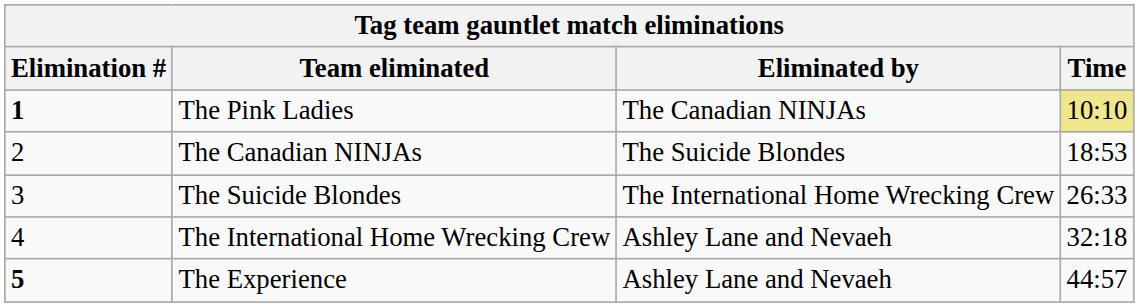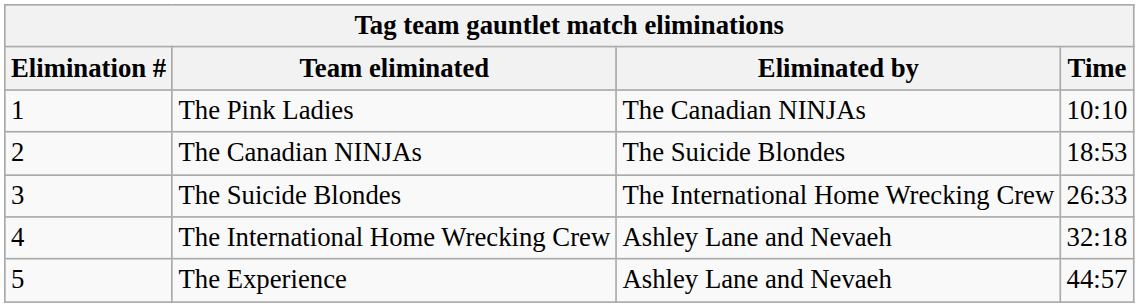 <table style="font-size: 100%" class="wikitable" border="1">
 <tr>
 <th colspan="6">Tag team gauntlet match eliminations</th>
 </tr>
 <tr>
 <th>Elimination #</th>
 <th>Team eliminated</th>
 <th>Eliminated by</th>
 <th>Time</th>
 </tr>
 <tr>
-<td><strong>1</strong></td>
+<td>1</td>
 <td>The Pink Ladies</td>
 <td>The Canadian NINJAs</td>
-<td style="background: khaki;">10:10</td>
+<td>10:10</td>
 </tr>
 <tr>
 <td>2</td>
 <td>The Canadian NINJAs</td>
 <td>The Suicide Blondes</td>
 <td>18:53</td>
 </tr>
 <tr>
 <td>3</td>
 <td>The Suicide Blondes</td>
 <td>The International Home Wrecking Crew</td>
 <td>26:33</td>
 </tr>
 <tr>
 <td>4</td>
 <td>The International Home Wrecking Crew</td>
 <td>Ashley Lane and Nevaeh</td>
 <td>32:18</td>
 </tr>
 <tr>
-<td><strong>5</strong></td>
+<td>5</td>
 <td>The Experience</td>
 <td>Ashley Lane and Nevaeh</td>
 <td>44:57</td>
 </tr>
 </table>
